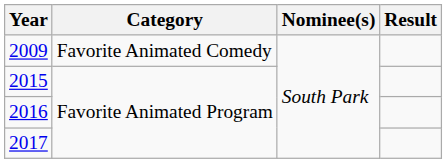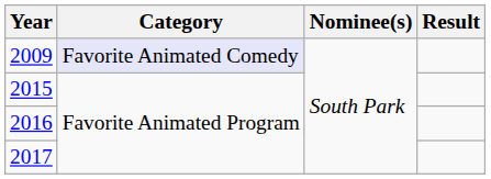 <table class="wikitable">
 <tr>
 <th>Year</th>
 <th>Category</th>
 <th>Nominee(s)</th>
 <th>Result</th>
 </tr>
 <tr>
 <td><a href='#'>2009</a></td>
-<td>Favorite Animated Comedy</td>
+<td style="background: lavender;">Favorite Animated Comedy</td>
 <td rowspan="4"><em>South Park</em></td>
 <td></td>
 </tr>
 <tr>
 <td><a href='#'>2015</a></td>
 <td rowspan="3">Favorite Animated Program</td>
 <td></td>
 </tr>
 <tr>
 <td><a href='#'>2016</a></td>
 <td></td>
 </tr>
 <tr>
 <td><a href='#'>2017</a></td>
 <td></td>
 </tr>
 </table>
